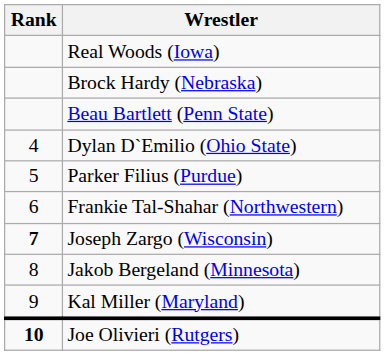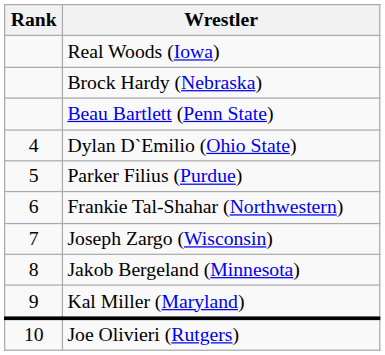 <table class="wikitable" style="text-align: center;">
 <tr>
 <th width="40">Rank</th>
 <th width="250">Wrestler</th>
 </tr>
 <tr>
 <td></td>
 <td align="left">Real Woods (<a href='#'>Iowa</a>)</td>
 </tr>
 <tr>
 <td></td>
 <td align="left">Brock Hardy (<a href='#'>Nebraska</a>)</td>
 </tr>
 <tr>
 <td></td>
 <td align="left"><a href='#'>Beau Bartlett</a> (<a href='#'>Penn State</a>)</td>
 </tr>
 <tr>
 <td>4</td>
 <td align="left">Dylan D`Emilio (<a href='#'>Ohio State</a>)</td>
 </tr>
 <tr>
 <td>5</td>
 <td align="left">Parker Filius (<a href='#'>Purdue</a>)</td>
 </tr>
 <tr>
 <td>6</td>
 <td align="left">Frankie Tal-Shahar (<a href='#'>Northwestern</a>)</td>
 </tr>
 <tr>
-<td><strong>7</strong></td>
+<td>7</td>
 <td align="left">Joseph Zargo (<a href='#'>Wisconsin</a>)</td>
 </tr>
 <tr>
 <td>8</td>
 <td align="left">Jakob Bergeland (<a href='#'>Minnesota</a>)</td>
 </tr>
 <tr>
 <td>9</td>
 <td align="left">Kal Miller (<a href='#'>Maryland</a>)</td>
 </tr>
 <tr style="border-top:3px solid black">
-<td><strong>10</strong></td>
+<td>10</td>
 <td align="left">Joe Olivieri (<a href='#'>Rutgers</a>)</td>
 </tr>
 </table>
